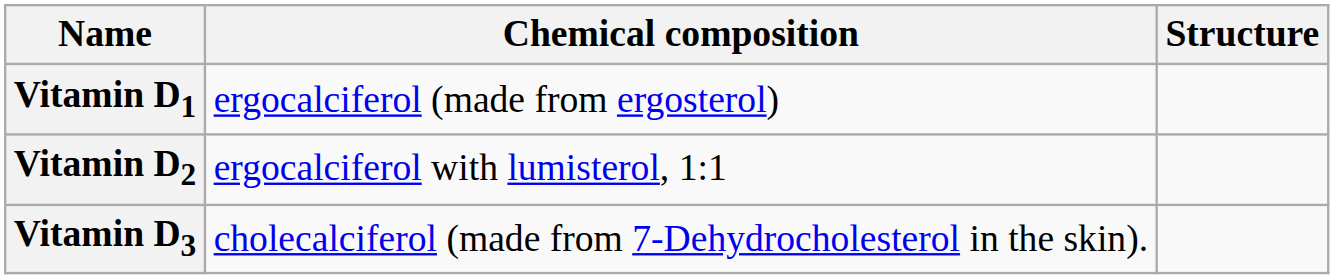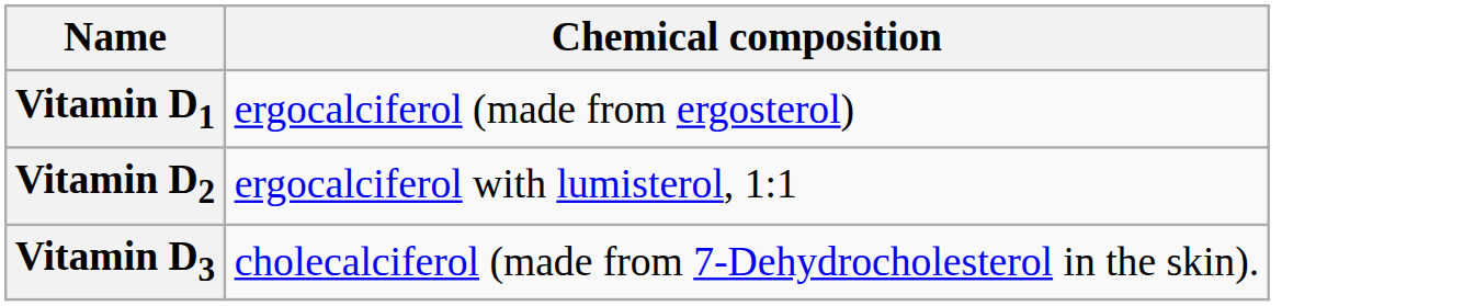 <table class="wikitable" style="display: inline-table; margin: 0 1em 0 0; vertical-align: top;">
 <tr>
 <th>Name</th>
 <th>Chemical composition</th>
-<th>Structure</th>
 </tr>
 <tr>
 <th>Vitamin D<sub>1</sub></th>
 <td><a href='#'>ergocalciferol</a> (made from <a href='#'>ergosterol</a>)</td>
-<td></td>
 </tr>
 <tr>
 <th>Vitamin D<sub>2</sub></th>
 <td><a href='#'>ergocalciferol</a> with <a href='#'>lumisterol</a>, 1:1</td>
-<td style="text-align: center;"></td>
 </tr>
 <tr>
 <th>Vitamin D<sub>3</sub></th>
 <td><a href='#'>cholecalciferol</a> (made from <a href='#'>7-Dehydrocholesterol</a> in the skin).</td>
-<td style="text-align: center;"></td>
 </tr>
 </table>
